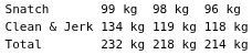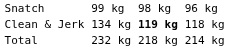 <table>
 <tr>
 <td>Snatch</td>
 <td></td>
 <td>99 kg</td>
 <td></td>
 <td>98 kg</td>
 <td></td>
 <td>96 kg</td>
 </tr>
 <tr>
 <td>Clean & Jerk</td>
 <td></td>
 <td>134 kg</td>
 <td></td>
-<td>119 kg</td>
+<td><strong>119 kg</strong></td>
 <td></td>
 <td>118 kg</td>
 </tr>
 <tr>
 <td>Total</td>
 <td></td>
 <td>232 kg</td>
 <td></td>
 <td>218 kg</td>
 <td></td>
 <td>214 kg</td>
 </tr>
 </table>
